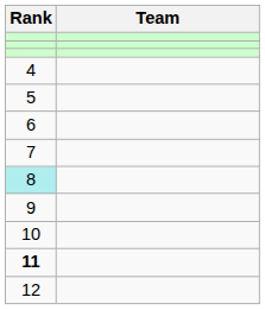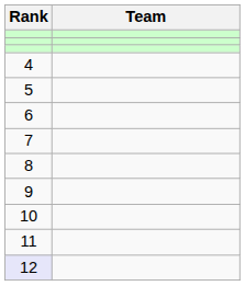 <table class="wikitable" style="text-align: center;">
 <tr>
 <th width="40">Rank</th>
 <th width="180">Team</th>
 </tr>
 <tr bgcolor="#ccffcc">
 <td></td>
 <td align="left"></td>
 </tr>
 <tr bgcolor="#ccffcc">
 <td></td>
 <td align="left"></td>
 </tr>
 <tr bgcolor="#ccffcc">
 <td></td>
 <td align="left"></td>
 </tr>
 <tr>
 <td>4</td>
 <td align="left"></td>
 </tr>
 <tr>
 <td>5</td>
 <td align="left"></td>
 </tr>
 <tr>
 <td>6</td>
 <td align="left"></td>
 </tr>
 <tr>
 <td>7</td>
 <td align="left"></td>
 </tr>
 <tr>
-<td style="background: paleturquoise;">8</td>
+<td>8</td>
 <td align="left"></td>
 </tr>
 <tr>
 <td>9</td>
 <td align="left"></td>
 </tr>
 <tr>
 <td>10</td>
 <td align="left"></td>
 </tr>
 <tr>
-<td><strong>11</strong></td>
+<td>11</td>
 <td align="left"></td>
 </tr>
 <tr>
-<td>12</td>
+<td style="background: lavender;">12</td>
 <td align="left"></td>
 </tr>
 </table>
